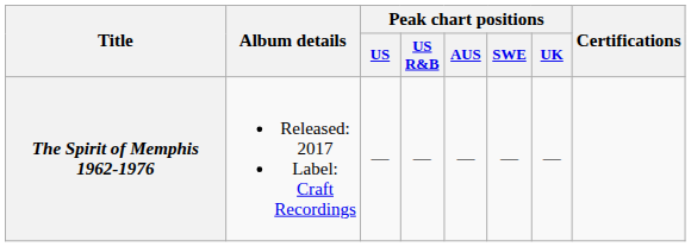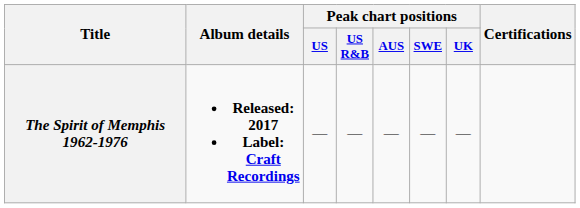 <table class="wikitable plainrowheaders" style="text-align:center;">
 <tr>
 <th rowspan="2" style="width:15em;">Title</th>
 <th rowspan="2">Album details</th>
 <th colspan="5">Peak chart positions</th>
 <th rowspan="2">Certifications</th>
 </tr>
 <tr>
 <th scope="col" style="width:2.5em;font-size:85%"><a href='#'>US</a><br></th>
 <th scope="col" style="width:2.5em;font-size:85%"><a href='#'>US<br>R&B</a><br></th>
 <th scope="col" style="width:2.5em;font-size:85%"><a href='#'>AUS</a><br></th>
 <th scope="col" style="width:2.5em;font-size:85%"><a href='#'>SWE</a><br></th>
 <th scope="col" style="width:2.5em;font-size:85%"><a href='#'>UK</a><br></th>
 </tr>
 <tr>
 <th scope="row"><em>The Spirit of Memphis 1962-1976</em></th>
-<td><br><ul><li>Released: 2017</li><li>Label: <a href='#'>Craft Recordings</a></li></ul></td>
+<td><strong><br><ul><li>Released: 2017</li><li>Label: <a href='#'>Craft Recordings</a></li></ul></strong></td>
 <td>—</td>
 <td>—</td>
 <td>—</td>
 <td>—</td>
 <td>—</td>
 </tr>
 </table>
